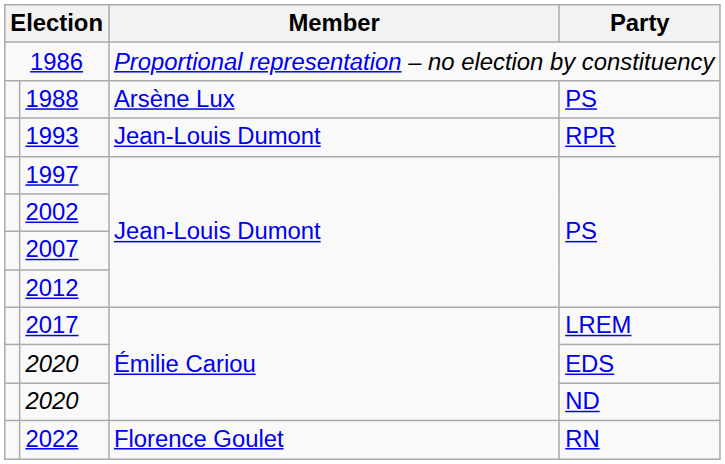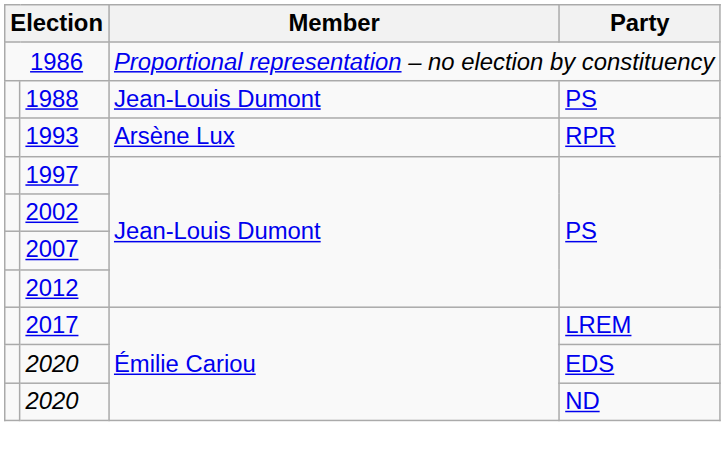 <table class="wikitable">
 <tr>
 <th colspan="2">Election</th>
 <th>Member</th>
 <th>Party</th>
 </tr>
 <tr>
 <td colspan="2" align="center"><a href='#'>1986</a></td>
 <td colspan="2"><em><a href='#'>Proportional representation</a> – no election by constituency</em></td>
 </tr>
 <tr>
 <td style="color:inherit;background-color: "></td>
 <td><a href='#'>1988</a></td>
-<td><a href='#'>Arsène Lux</a></td>
+<td><a href='#'>Jean-Louis Dumont</a></td>
 <td><a href='#'>PS</a></td>
 </tr>
 <tr>
 <td style="color:inherit;background-color: "></td>
 <td><a href='#'>1993</a></td>
-<td><a href='#'>Jean-Louis Dumont</a></td>
+<td><a href='#'>Arsène Lux</a></td>
 <td><a href='#'>RPR</a></td>
 </tr>
 <tr>
 <td style="color:inherit;background-color: "></td>
 <td><a href='#'>1997</a></td>
 <td rowspan=4><a href='#'>Jean-Louis Dumont</a></td>
 <td rowspan=4><a href='#'>PS</a></td>
 </tr>
 <tr>
 <td style="color:inherit;background-color: "></td>
 <td><a href='#'>2002</a></td>
 </tr>
 <tr>
 <td style="color:inherit;background-color: "></td>
 <td><a href='#'>2007</a></td>
 </tr>
 <tr>
 <td style="color:inherit;background-color: "></td>
 <td><a href='#'>2012</a></td>
 </tr>
 <tr>
 <td style="color:inherit;background-color: "></td>
 <td><a href='#'>2017</a></td>
 <td rowspan=3><a href='#'>Émilie Cariou</a></td>
 <td><a href='#'>LREM</a></td>
 </tr>
 <tr>
 <td style="color:inherit;background-color: "></td>
 <td><em>2020</em></td>
 <td><a href='#'>EDS</a></td>
 </tr>
 <tr>
 <td style="color:inherit;background-color: "></td>
 <td><em>2020</em></td>
 <td><a href='#'>ND</a></td>
 </tr>
-<tr>
-<td style="color:inherit;background-color: "></td>
-<td><a href='#'>2022</a></td>
-<td><a href='#'>Florence Goulet</a></td>
-<td><a href='#'>RN</a></td>
-</tr>
 </table>
